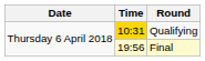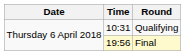 <table class="wikitable">
 <tr>
 <th>Date</th>
 <th>Time</th>
 <th>Round</th>
 </tr>
 <tr>
 <td rowspan=2>Thursday 6 April 2018</td>
-<td style="background: gold;">10:31</td>
+<td>10:31</td>
 <td>Qualifying</td>
 </tr>
 <tr>
 <td style=background:lemonchiffon>19:56</td>
 <td style=background:lemonchiffon>Final</td>
 </tr>
 </table>
